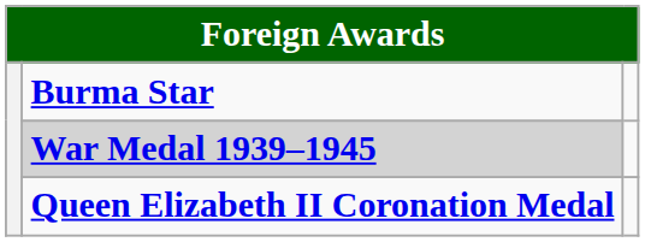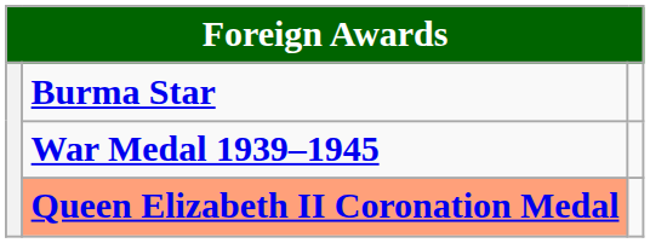 <table class="wikitable">
 <tr>
 <th colspan="3" style="background:#006400; color:#FFFFFF; text-align:center"><strong>Foreign Awards</strong></th>
 </tr>
 <tr>
 <th rowspan="3"><strong></strong></th>
 <td><strong><a href='#'>Burma Star</a></strong></td>
 <td></td>
 </tr>
 <tr>
-<td style="background: lightgrey;"><strong><a href='#'>War Medal 1939–1945</a></strong></td>
+<td><strong><a href='#'>War Medal 1939–1945</a></strong></td>
 <td></td>
 </tr>
 <tr>
-<td><strong><a href='#'>Queen Elizabeth II Coronation Medal</a></strong></td>
+<td style="background: lightsalmon;"><strong><a href='#'>Queen Elizabeth II Coronation Medal</a></strong></td>
 <td></td>
 </tr>
 </table>
